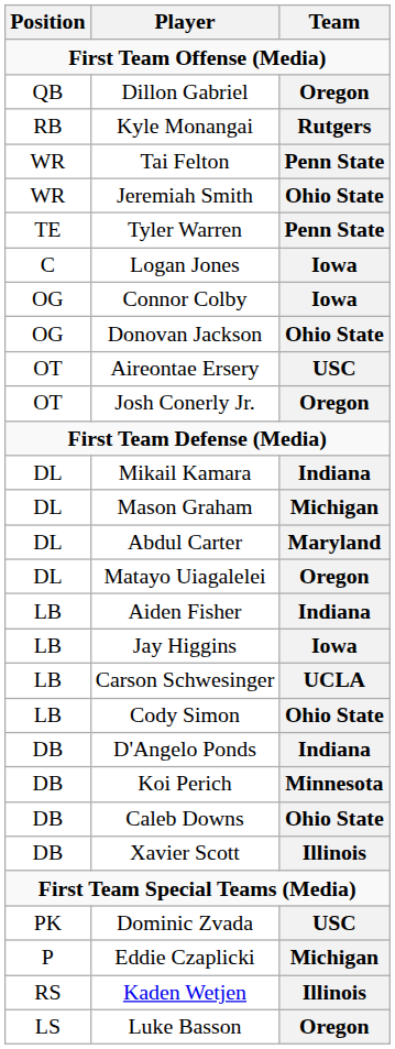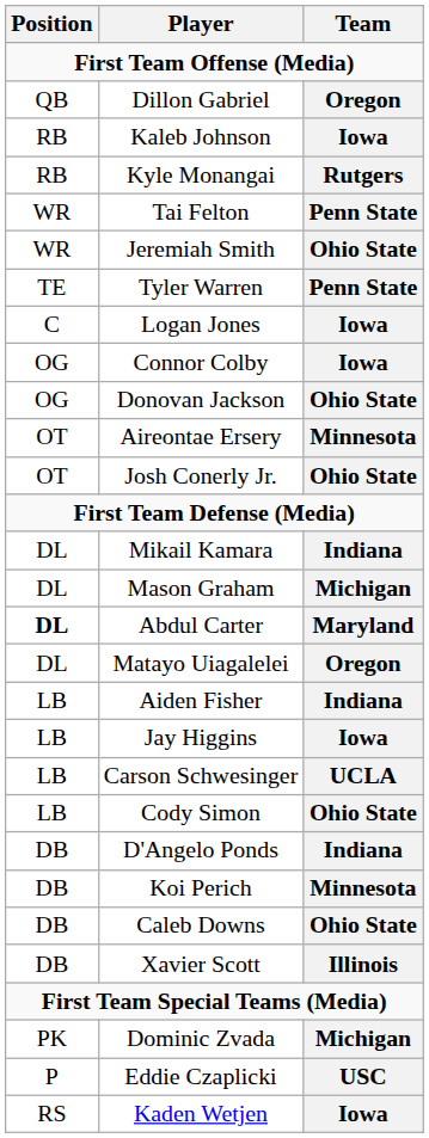 <table class="wikitable sortable">
 <tr>
 <th>Position</th>
 <th>Player</th>
 <th>Team</th>
 </tr>
 <tr>
 <td colspan="3" style="text-align:center; "><strong>First Team Offense (Media)</strong></td>
 </tr>
 <tr style="text-align:center;">
 <td style="background:white">QB</td>
 <td style="background:white">Dillon Gabriel</td>
 <th>Oregon</th>
+</tr>
+<tr style="text-align:center;">
+<td style="background:white">RB</td>
+<td style="background:white">Kaleb Johnson</td>
+<th>Iowa</th>
 </tr>
 <tr style="text-align:center;">
 <td style="background:white">RB</td>
 <td style="background:white">Kyle Monangai</td>
 <th>Rutgers</th>
 </tr>
 <tr style="text-align:center;">
 <td style="background:white">WR</td>
 <td style="background:white">Tai Felton</td>
 <th>Penn State</th>
 </tr>
 <tr style="text-align:center;">
 <td style="background:white">WR</td>
 <td style="background:white">Jeremiah Smith</td>
 <th>Ohio State</th>
 </tr>
 <tr style="text-align:center;">
 <td style="background:white">TE</td>
 <td style="background:white">Tyler Warren</td>
 <th>Penn State</th>
 </tr>
 <tr style="text-align:center;">
 <td style="background:white">C</td>
 <td style="background:white">Logan Jones</td>
 <th>Iowa</th>
 </tr>
 <tr style="text-align:center;">
 <td style="background:white">OG</td>
 <td style="background:white">Connor Colby</td>
 <th>Iowa</th>
 </tr>
 <tr style="text-align:center;">
 <td style="background:white">OG</td>
 <td style="background:white">Donovan Jackson</td>
 <th>Ohio State</th>
 </tr>
 <tr style="text-align:center;">
 <td style="background:white">OT</td>
 <td style="background:white">Aireontae Ersery</td>
-<th>USC</th>
+<th>Minnesota</th>
 </tr>
 <tr style="text-align:center;">
 <td style="background:white">OT</td>
 <td style="background:white">Josh Conerly Jr.</td>
-<th>Oregon</th>
+<th>Ohio State</th>
 </tr>
 <tr>
 <td colspan="3" style="text-align:center; "><strong>First Team Defense (Media)</strong></td>
 </tr>
 <tr style="text-align:center;">
 <td style="background:white">DL</td>
 <td style="background:white">Mikail Kamara</td>
 <th>Indiana</th>
 </tr>
 <tr style="text-align:center;">
 <td style="background:white">DL</td>
 <td style="background:white">Mason Graham</td>
 <th>Michigan</th>
 </tr>
 <tr style="text-align:center;">
-<td style="background:white">DL</td>
+<td style="background:white"><strong>DL</strong></td>
 <td style="background:white">Abdul Carter</td>
 <th>Maryland</th>
 </tr>
 <tr style="text-align:center;">
 <td style="background:white">DL</td>
 <td style="background:white">Matayo Uiagalelei</td>
 <th>Oregon</th>
 </tr>
 <tr style="text-align:center;">
 <td style="background:white">LB</td>
 <td style="background:white">Aiden Fisher</td>
 <th>Indiana</th>
 </tr>
 <tr style="text-align:center;">
 <td style="background:white">LB</td>
 <td style="background:white">Jay Higgins</td>
 <th>Iowa</th>
 </tr>
 <tr style="text-align:center;">
 <td style="background:white">LB</td>
 <td style="background:white">Carson Schwesinger</td>
 <th>UCLA</th>
 </tr>
 <tr style="text-align:center;">
 <td style="background:white">LB</td>
 <td style="background:white">Cody Simon</td>
 <th>Ohio State</th>
 </tr>
 <tr style="text-align:center;">
 <td style="background:white">DB</td>
 <td style="background:white">D'Angelo Ponds</td>
 <th>Indiana</th>
 </tr>
 <tr style="text-align:center;">
 <td style="background:white">DB</td>
 <td style="background:white">Koi Perich</td>
 <th>Minnesota</th>
 </tr>
 <tr style="text-align:center;">
 <td style="background:white">DB</td>
 <td style="background:white">Caleb Downs</td>
 <th>Ohio State</th>
 </tr>
 <tr style="text-align:center;">
 <td style="background:white">DB</td>
 <td style="background:white">Xavier Scott</td>
 <th>Illinois</th>
 </tr>
 <tr>
 <td colspan="3" style="text-align:center; "><strong>First Team Special Teams (Media)</strong></td>
 </tr>
 <tr style="text-align:center;">
 <td style="background:white">PK</td>
 <td style="background:white">Dominic Zvada</td>
-<th>USC</th>
+<th>Michigan</th>
 </tr>
 <tr style="text-align:center;">
 <td style="background:white">P</td>
 <td style="background:white">Eddie Czaplicki</td>
-<th>Michigan</th>
+<th>USC</th>
 </tr>
 <tr style="text-align:center;">
 <td style="background:white">RS</td>
 <td style="background:white"><a href='#'>Kaden Wetjen</a></td>
-<th>Illinois</th>
-</tr>
-<tr style="text-align:center;">
-<td style="background:white">LS</td>
-<td style="background:white">Luke Basson</td>
-<th>Oregon</th>
+<th>Iowa</th>
 </tr>
 </table>
